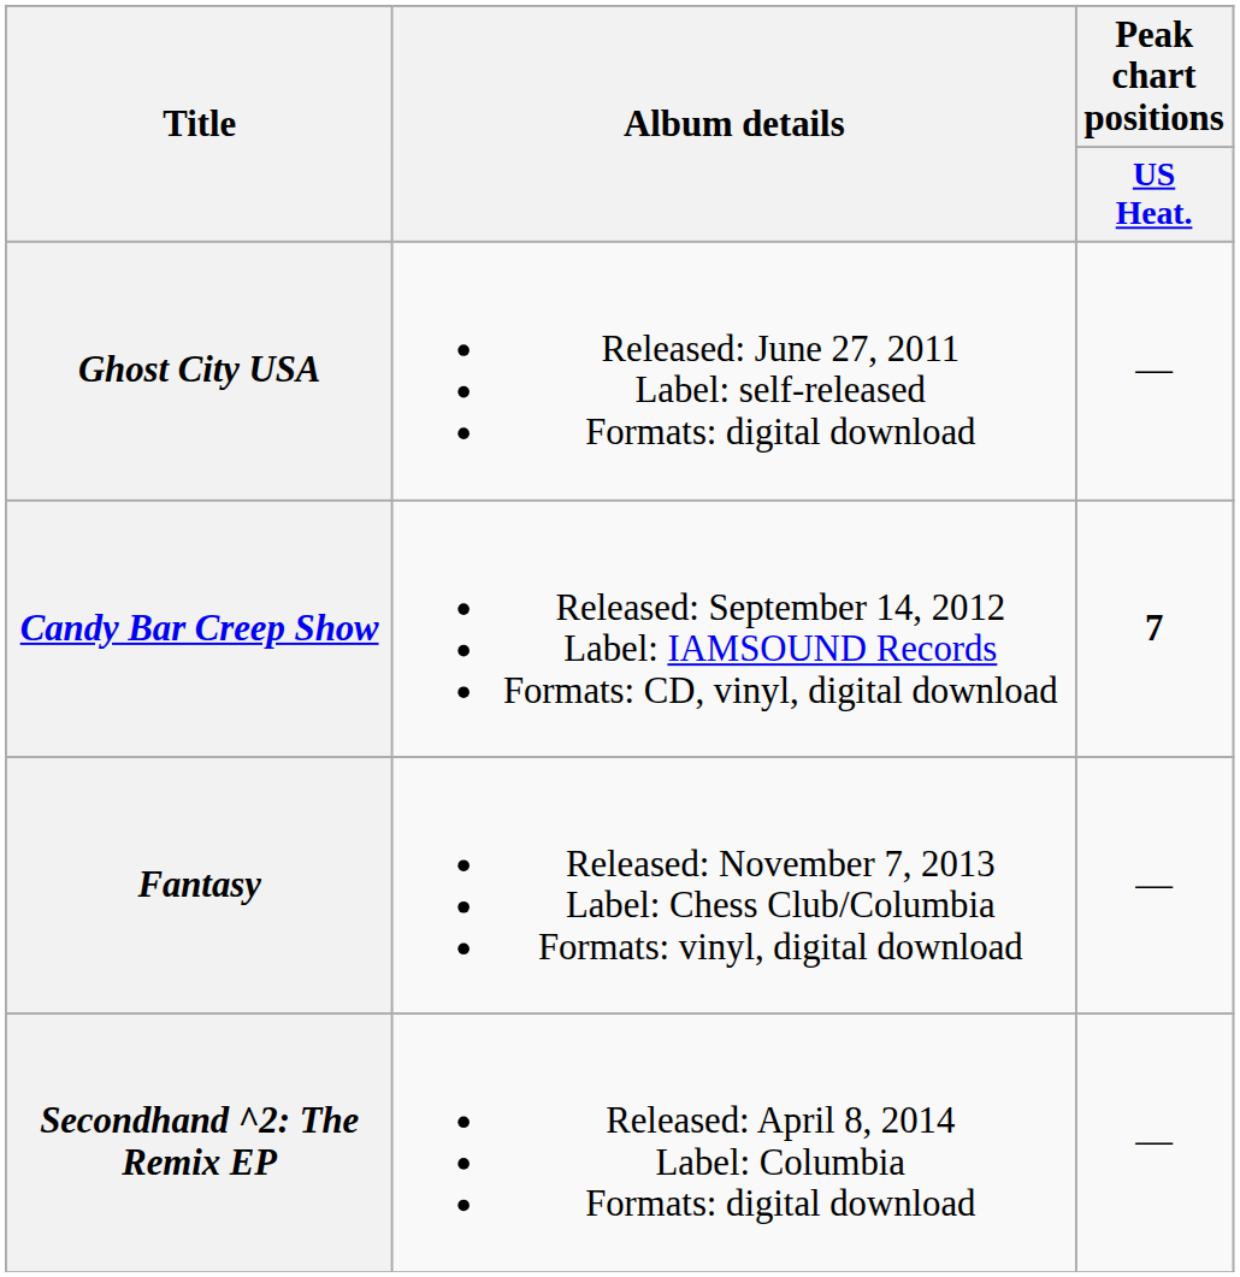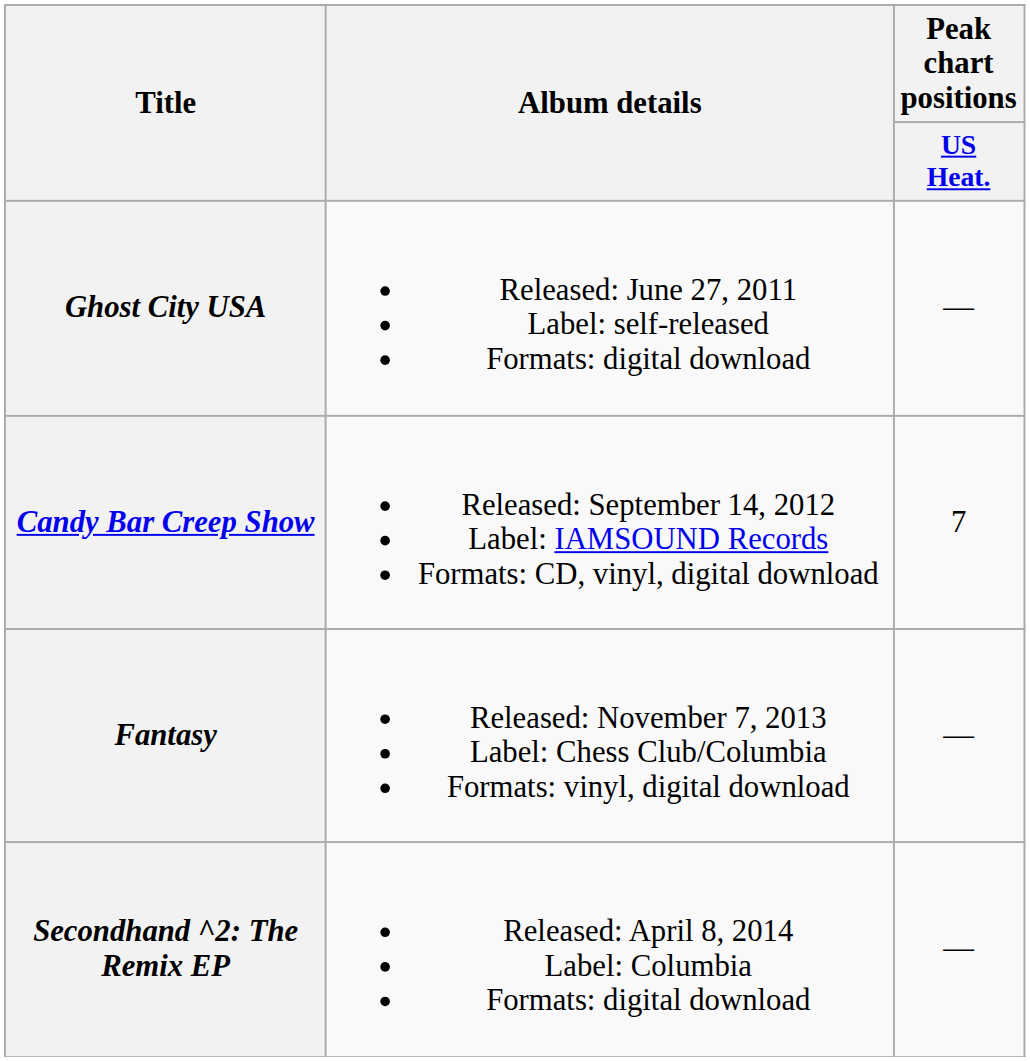 <table class="wikitable plainrowheaders" style="text-align:center;" border="1">
 <tr>
 <th scope="col" rowspan="2" style="width:10em;">Title</th>
 <th scope="col" rowspan="2" style="width:18em;">Album details</th>
 <th scope="col" colspan="1">Peak chart positions</th>
 </tr>
 <tr>
 <th scope="col" style="width:3em;font-size:90%;"><a href='#'>US<br>Heat.</a><br></th>
 </tr>
 <tr>
 <th scope="row"><em>Ghost City USA</em></th>
 <td><br><ul><li>Released: June 27, 2011</li><li>Label: self-released</li><li>Formats: digital download</li></ul></td>
 <td>—</td>
 </tr>
 <tr>
 <th scope="row"><em><a href='#'>Candy Bar Creep Show</a></em></th>
 <td><br><ul><li>Released: September 14, 2012</li><li>Label: <a href='#'>IAMSOUND Records</a></li><li>Formats: CD, vinyl, digital download</li></ul></td>
-<td><strong>7</strong></td>
+<td>7</td>
 </tr>
 <tr>
 <th scope="row"><em>Fantasy</em></th>
 <td><br><ul><li>Released: November 7, 2013</li><li>Label: Chess Club/Columbia</li><li>Formats: vinyl, digital download</li></ul></td>
 <td>—</td>
 </tr>
 <tr>
 <th scope="row"><em>Secondhand ^2: The Remix EP</em></th>
 <td><br><ul><li>Released: April 8, 2014</li><li>Label: Columbia</li><li>Formats: digital download</li></ul></td>
 <td>—</td>
 </tr>
 </table>
